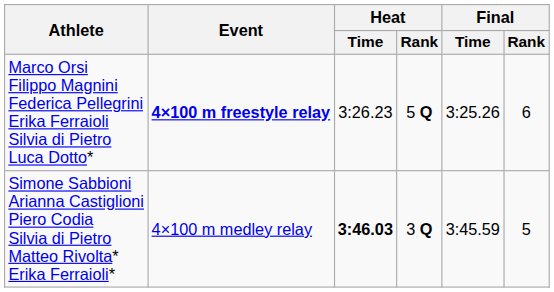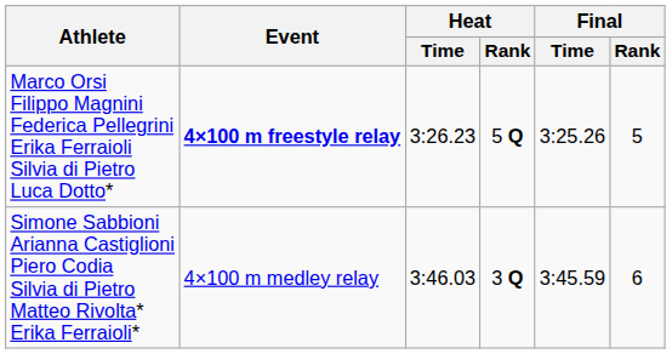 <table class=wikitable style="font-size:90%">
 <tr>
 <th rowspan="2">Athlete</th>
 <th rowspan="2">Event</th>
 <th colspan="2">Heat</th>
 <th colspan="2">Final</th>
 </tr>
 <tr style="font-size:95%">
 <th>Time</th>
 <th>Rank</th>
 <th>Time</th>
 <th>Rank</th>
 </tr>
 <tr align=center>
 <td align=left><a href='#'>Marco Orsi</a><br><a href='#'>Filippo Magnini</a><br><a href='#'>Federica Pellegrini</a><br><a href='#'>Erika Ferraioli</a><br><a href='#'>Silvia di Pietro</a><br><a href='#'>Luca Dotto</a>*</td>
 <td align=left><strong><a href='#'>4×100 m freestyle relay</a></strong></td>
 <td>3:26.23</td>
 <td>5 <strong>Q</strong></td>
 <td>3:25.26</td>
-<td>6</td>
+<td>5</td>
 </tr>
 <tr align=center>
 <td align=left><a href='#'>Simone Sabbioni</a><br><a href='#'>Arianna Castiglioni</a><br><a href='#'>Piero Codia</a><br><a href='#'>Silvia di Pietro</a><br><a href='#'>Matteo Rivolta</a>*<br><a href='#'>Erika Ferraioli</a>*</td>
 <td align=left><a href='#'>4×100 m medley relay</a></td>
-<td><strong>3:46.03</strong></td>
+<td>3:46.03</td>
 <td>3 <strong>Q</strong></td>
 <td>3:45.59</td>
-<td>5</td>
+<td>6</td>
 </tr>
 </table>
